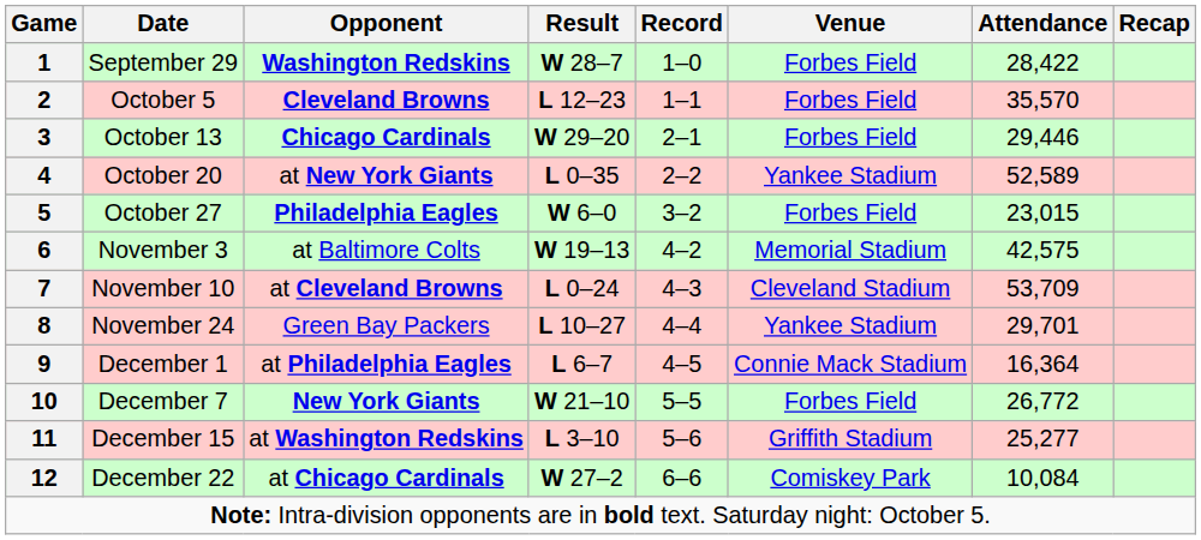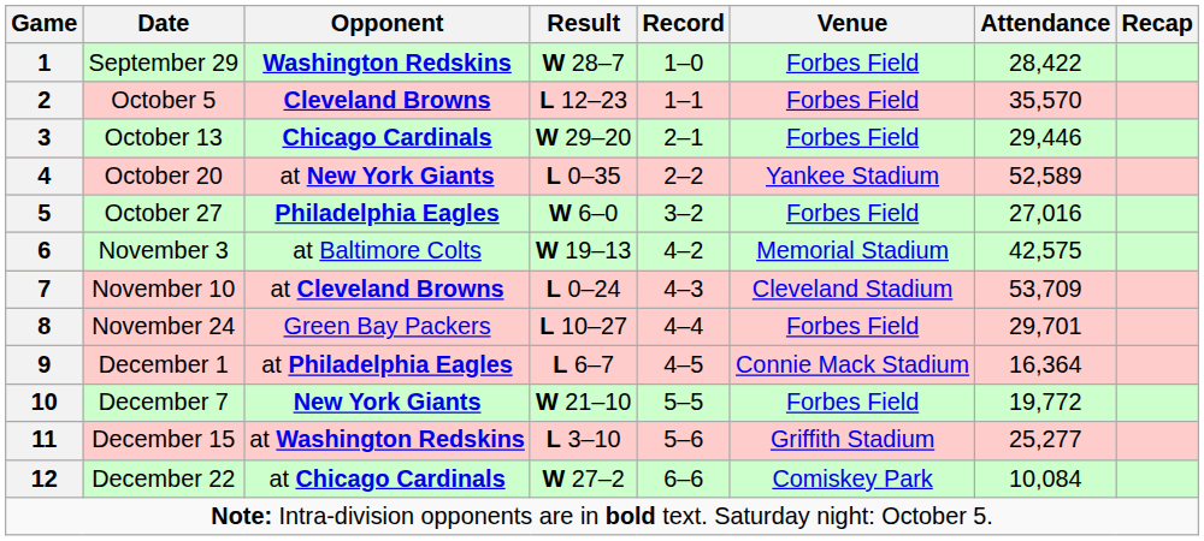 <table class="wikitable" style="text-align:center">
 <tr>
 <th>Game</th>
 <th>Date</th>
 <th>Opponent</th>
 <th>Result</th>
 <th>Record</th>
 <th>Venue</th>
 <th>Attendance</th>
 <th>Recap</th>
 </tr>
 <tr style="background:#cfc">
 <th>1</th>
 <td>September 29</td>
 <td><strong><a href='#'>Washington Redskins</a></strong></td>
 <td><strong>W</strong> 28–7</td>
 <td>1–0</td>
 <td><a href='#'>Forbes Field</a></td>
 <td>28,422</td>
 <td></td>
 </tr>
 <tr style="background:#fcc">
 <th>2</th>
 <td>October 5</td>
 <td><strong><a href='#'>Cleveland Browns</a></strong></td>
 <td><strong>L</strong> 12–23</td>
 <td>1–1</td>
 <td><a href='#'>Forbes Field</a></td>
 <td>35,570</td>
 <td></td>
 </tr>
 <tr style="background:#cfc">
 <th>3</th>
 <td>October 13</td>
 <td><strong><a href='#'>Chicago Cardinals</a></strong></td>
 <td><strong>W</strong> 29–20</td>
 <td>2–1</td>
 <td><a href='#'>Forbes Field</a></td>
 <td>29,446</td>
 <td></td>
 </tr>
 <tr style="background:#fcc">
 <th>4</th>
 <td>October 20</td>
 <td>at <strong><a href='#'>New York Giants</a></strong></td>
 <td><strong>L</strong> 0–35</td>
 <td>2–2</td>
 <td><a href='#'>Yankee Stadium</a></td>
 <td>52,589</td>
 <td></td>
 </tr>
 <tr style="background:#cfc">
 <th>5</th>
 <td>October 27</td>
 <td><strong><a href='#'>Philadelphia Eagles</a></strong></td>
 <td><strong>W</strong> 6–0</td>
 <td>3–2</td>
 <td><a href='#'>Forbes Field</a></td>
-<td>23,015</td>
+<td>27,016</td>
 <td></td>
 </tr>
 <tr style="background:#cfc">
 <th>6</th>
 <td>November 3</td>
 <td>at <a href='#'>Baltimore Colts</a></td>
 <td><strong>W</strong> 19–13</td>
 <td>4–2</td>
 <td><a href='#'>Memorial Stadium</a></td>
 <td>42,575</td>
 <td></td>
 </tr>
 <tr style="background:#fcc">
 <th>7</th>
 <td>November 10</td>
 <td>at <strong><a href='#'>Cleveland Browns</a></strong></td>
 <td><strong>L</strong> 0–24</td>
 <td>4–3</td>
 <td><a href='#'>Cleveland Stadium</a></td>
 <td>53,709</td>
 <td></td>
 </tr>
 <tr style="background:#fcc">
 <th>8</th>
 <td>November 24</td>
 <td><a href='#'>Green Bay Packers</a></td>
 <td><strong>L</strong> 10–27</td>
 <td>4–4</td>
-<td><a href='#'>Yankee Stadium</a></td>
+<td><a href='#'>Forbes Field</a></td>
 <td>29,701</td>
 <td></td>
 </tr>
 <tr style="background:#fcc">
 <th>9</th>
 <td>December 1</td>
 <td>at <strong><a href='#'>Philadelphia Eagles</a></strong></td>
 <td><strong>L</strong> 6–7</td>
 <td>4–5</td>
 <td><a href='#'>Connie Mack Stadium</a></td>
 <td>16,364</td>
 <td></td>
 </tr>
 <tr style="background:#cfc">
 <th>10</th>
 <td>December 7</td>
 <td><strong><a href='#'>New York Giants</a></strong></td>
 <td><strong>W</strong> 21–10</td>
 <td>5–5</td>
 <td><a href='#'>Forbes Field</a></td>
-<td>26,772</td>
+<td>19,772</td>
 <td></td>
 </tr>
 <tr style="background:#fcc">
 <th>11</th>
 <td>December 15</td>
 <td>at <strong><a href='#'>Washington Redskins</a></strong></td>
 <td><strong>L</strong> 3–10</td>
 <td>5–6</td>
 <td><a href='#'>Griffith Stadium</a></td>
 <td>25,277</td>
 <td></td>
 </tr>
 <tr style="background:#cfc">
 <th>12</th>
 <td>December 22</td>
 <td>at <strong><a href='#'>Chicago Cardinals</a></strong></td>
 <td><strong>W</strong> 27–2</td>
 <td>6–6</td>
 <td><a href='#'>Comiskey Park</a></td>
 <td>10,084</td>
 <td></td>
 </tr>
 <tr>
 <td colspan="8"><strong>Note:</strong> Intra-division opponents are in <strong>bold</strong> text. Saturday night: October 5.</td>
 </tr>
 </table>
